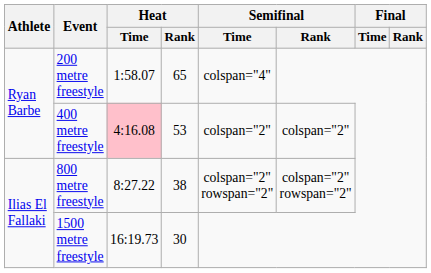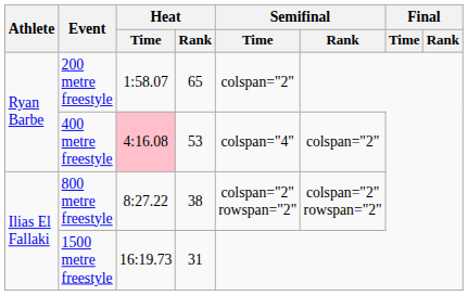 <table class="wikitable" style="text-align:center; font-size:90%; width:50%;">
 <tr>
 <th rowspan="2">Athlete</th>
 <th rowspan="2">Event</th>
 <th colspan="2">Heat</th>
 <th colspan="2">Semifinal</th>
 <th colspan="2">Final</th>
 </tr>
 <tr style="font-size:95%">
 <th>Time</th>
 <th>Rank</th>
 <th>Time</th>
 <th>Rank</th>
 <th>Time</th>
 <th>Rank</th>
 </tr>
 <tr align=center>
 <td align=left rowspan=2><a href='#'>Ryan Barbe</a></td>
 <td align=left><a href='#'>200 metre freestyle</a></td>
 <td>1:58.07</td>
 <td>65</td>
-<td>colspan="4" </td>
+<td>colspan="2" </td>
 </tr>
 <tr align=center>
 <td align=left><a href='#'>400 metre freestyle</a></td>
 <td style="background: pink;">4:16.08</td>
 <td>53</td>
-<td>colspan="2" </td>
+<td>colspan="4" </td>
 <td>colspan="2" </td>
 </tr>
 <tr align=center>
 <td align=left rowspan="2"><a href='#'>Ilias El Fallaki</a></td>
 <td align=left><a href='#'>800 metre freestyle</a></td>
 <td>8:27.22</td>
 <td>38</td>
 <td>colspan="2" rowspan="2"</td>
 <td>colspan="2" rowspan="2"</td>
 </tr>
 <tr align=center>
 <td align=left><a href='#'>1500 metre freestyle</a></td>
 <td>16:19.73</td>
-<td>30</td>
+<td>31</td>
 </tr>
 </table>
